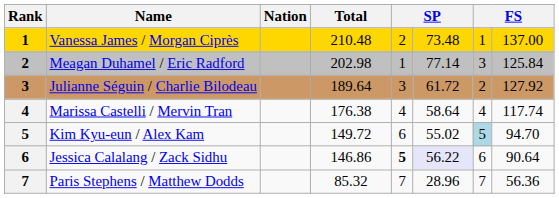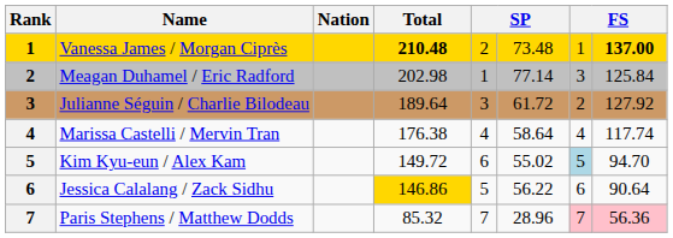 <table class="wikitable sortable">
 <tr>
 <th>Rank</th>
 <th>Name</th>
 <th>Nation</th>
 <th width="80px">Total</th>
 <th colspan="2" width="80px"><a href='#'>SP</a></th>
 <th colspan="2" width="80px"><a href='#'>FS</a></th>
 </tr>
 <tr bgcolor="gold">
 <td align="center"><strong>1</strong></td>
 <td><a href='#'>Vanessa James</a> / <a href='#'>Morgan Ciprès</a></td>
 <td></td>
-<td align="center">210.48</td>
+<td align="center"><strong>210.48</strong></td>
 <td align="center">2</td>
 <td align="center">73.48</td>
 <td align="center">1</td>
-<td align="center">137.00</td>
+<td align="center"><strong>137.00</strong></td>
 </tr>
 <tr bgcolor="silver">
 <td align="center"><strong>2</strong></td>
 <td><a href='#'>Meagan Duhamel</a> / <a href='#'>Eric Radford</a></td>
 <td></td>
 <td align="center">202.98</td>
 <td align="center">1</td>
 <td align="center">77.14</td>
 <td align="center">3</td>
 <td align="center">125.84</td>
 </tr>
 <tr bgcolor="cc9966">
 <td align="center"><strong>3</strong></td>
 <td><a href='#'>Julianne Séguin</a> / <a href='#'>Charlie Bilodeau</a></td>
 <td></td>
 <td align="center">189.64</td>
 <td align="center">3</td>
 <td align="center">61.72</td>
 <td align="center">2</td>
 <td align="center">127.92</td>
 </tr>
 <tr>
 <th>4</th>
 <td><a href='#'>Marissa Castelli</a> / <a href='#'>Mervin Tran</a></td>
 <td></td>
 <td align="center">176.38</td>
 <td align="center">4</td>
 <td align="center">58.64</td>
 <td align="center">4</td>
 <td align="center">117.74</td>
 </tr>
 <tr>
 <th>5</th>
 <td><a href='#'>Kim Kyu-eun</a> / <a href='#'>Alex Kam</a></td>
 <td></td>
 <td align="center">149.72</td>
 <td align="center">6</td>
 <td align="center">55.02</td>
 <td align="center" style="background: lightblue;">5</td>
 <td align="center">94.70</td>
 </tr>
 <tr>
 <th>6</th>
 <td><a href='#'>Jessica Calalang</a> / <a href='#'>Zack Sidhu</a></td>
 <td></td>
-<td align="center">146.86</td>
-<td align="center"><strong>5</strong></td>
-<td align="center" style="background: lavender;">56.22</td>
+<td align="center" style="background: gold;">146.86</td>
+<td align="center">5</td>
+<td align="center">56.22</td>
 <td align="center">6</td>
 <td align="center">90.64</td>
 </tr>
 <tr>
 <th>7</th>
 <td><a href='#'>Paris Stephens</a> / <a href='#'>Matthew Dodds</a></td>
 <td></td>
 <td align="center">85.32</td>
 <td align="center">7</td>
 <td align="center">28.96</td>
-<td align="center">7</td>
-<td align="center">56.36</td>
+<td align="center" style="background: pink;">7</td>
+<td align="center" style="background: pink;">56.36</td>
 </tr>
 </table>
